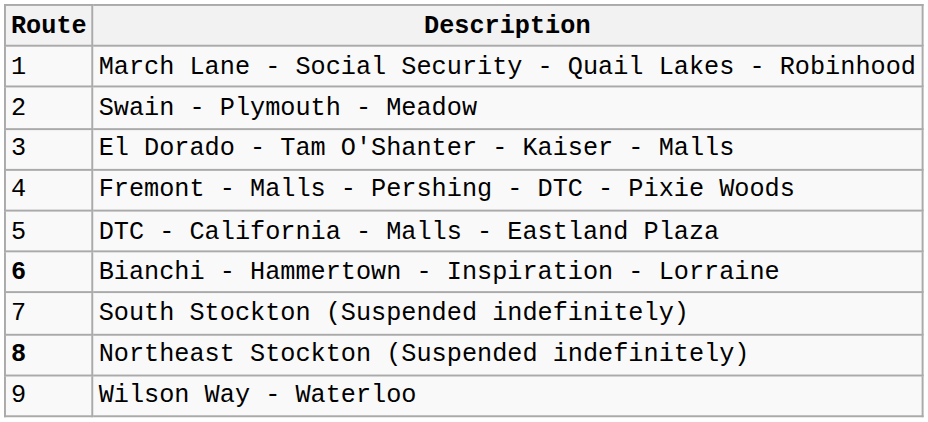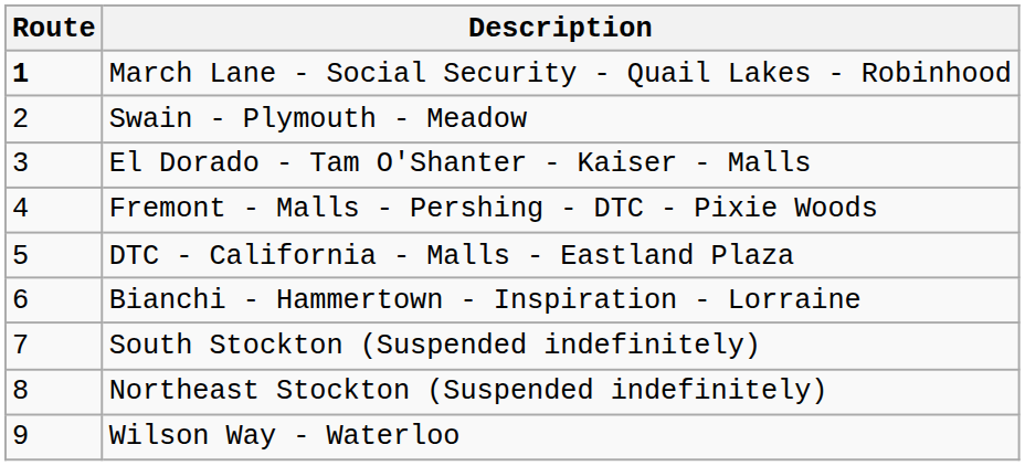 <table class="wikitable mw-collapsible mw-collapsed">
 <tr>
 <th>Route</th>
 <th>Description</th>
 </tr>
 <tr>
-<td>1</td>
+<td><strong>1</strong></td>
 <td>March Lane - Social Security - Quail Lakes - Robinhood</td>
 </tr>
 <tr>
 <td>2</td>
 <td>Swain - Plymouth - Meadow</td>
 </tr>
 <tr>
 <td>3</td>
 <td>El Dorado - Tam O'Shanter - Kaiser - Malls</td>
 </tr>
 <tr>
 <td>4</td>
 <td>Fremont - Malls - Pershing - DTC - Pixie Woods</td>
 </tr>
 <tr>
 <td>5</td>
 <td>DTC - California - Malls - Eastland Plaza</td>
 </tr>
 <tr>
-<td><strong>6</strong></td>
+<td>6</td>
 <td>Bianchi - Hammertown - Inspiration - Lorraine</td>
 </tr>
 <tr>
 <td>7</td>
 <td>South Stockton (Suspended indefinitely)</td>
 </tr>
 <tr>
-<td><strong>8</strong></td>
+<td>8</td>
 <td>Northeast Stockton (Suspended indefinitely)</td>
 </tr>
 <tr>
 <td>9</td>
 <td>Wilson Way - Waterloo</td>
 </tr>
 </table>
